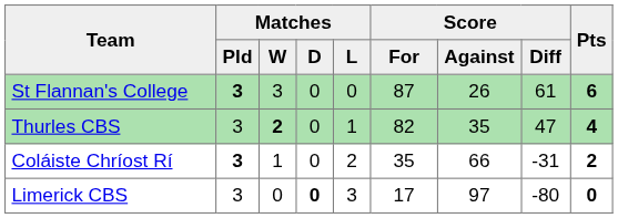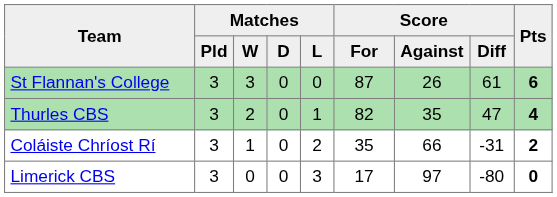 <table style=border-collapse:collapse border=1 cellspacing=0 cellpadding=5>
 <tr align=center bgcolor=#efefef>
 <th rowspan=2 width=165>Team</th>
 <th colspan=4>Matches</th>
 <th colspan=3>Score</th>
 <th rowspan=2width=20>Pts</th>
 </tr>
 <tr align=center bgcolor=#efefef>
 <th width=20>Pld</th>
 <th width=20>W</th>
 <th width=20>D</th>
 <th width=20>L</th>
 <th width=45>For</th>
 <th width=45>Against</th>
 <th width=30>Diff</th>
 </tr>
 <tr align=center style="background:#ACE1AF;">
 <td style="text-align:left;"><a href='#'>St Flannan's College</a></td>
-<td><strong>3</strong></td>
+<td>3</td>
 <td>3</td>
 <td>0</td>
 <td>0</td>
 <td>87</td>
 <td>26</td>
 <td>61</td>
 <td><strong>6</strong></td>
 </tr>
 <tr align=center style="background:#ACE1AF;">
 <td style="text-align:left;"><a href='#'>Thurles CBS</a></td>
 <td>3</td>
-<td><strong>2</strong></td>
+<td>2</td>
 <td>0</td>
 <td>1</td>
 <td>82</td>
 <td>35</td>
 <td>47</td>
 <td><strong>4</strong></td>
 </tr>
 <tr align=center>
 <td style="text-align:left;"><a href='#'>Coláiste Chríost Rí</a></td>
-<td><strong>3</strong></td>
+<td>3</td>
 <td>1</td>
 <td>0</td>
 <td>2</td>
 <td>35</td>
 <td>66</td>
 <td>-31</td>
 <td><strong>2</strong></td>
 </tr>
 <tr align=center>
 <td style="text-align:left;"><a href='#'>Limerick CBS</a></td>
 <td>3</td>
 <td>0</td>
-<td><strong>0</strong></td>
+<td>0</td>
 <td>3</td>
 <td>17</td>
 <td>97</td>
 <td>-80</td>
 <td><strong>0</strong></td>
 </tr>
 </table>
